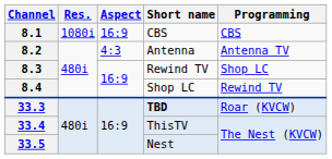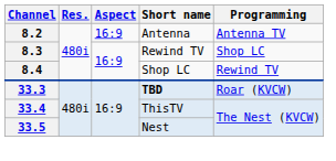 <table class="wikitable">
 <tr>
 <th scope = "col"><a href='#'>Channel</a></th>
 <th scope = "col"><a href='#'>Res.</a></th>
 <th scope = "col"><a href='#'>Aspect</a></th>
 <th scope = "col">Short name</th>
 <th scope = "col">Programming</th>
 </tr>
 <tr>
-<th scope = "row">8.1</th>
-<td><a href='#'>1080i</a></td>
-<td rowspan="1"><a href='#'>16:9</a></td>
-<td>CBS</td>
-<td><a href='#'>CBS</a></td>
-</tr>
-<tr>
 <th scope = "row">8.2</th>
 <td rowspan="3"><a href='#'>480i</a></td>
-<td><a href='#'>4:3</a></td>
+<td rowspan="1"><a href='#'>16:9</a></td>
 <td>Antenna</td>
 <td><a href='#'>Antenna TV</a></td>
 </tr>
 <tr>
 <th scope = "row">8.3</th>
 <td rowspan="2"><a href='#'>16:9</a></td>
 <td>Rewind TV</td>
 <td><a href='#'>Shop LC</a></td>
 </tr>
 <tr>
 <th scope = "row">8.4</th>
 <td>Shop LC</td>
 <td><a href='#'>Rewind TV</a></td>
 </tr>
 <tr style="background-color:#DFEBF6; border-top: 2px solid #003399;">
 <th scope="row"><a href='#'>33.3</a></th>
 <td rowspan = 3>480i</td>
 <td rowspan = 3>16:9</td>
 <td><strong>TBD</strong></td>
 <td><a href='#'>Roar</a> (<a href='#'>KVCW</a>)</td>
 </tr>
 <tr style="background-color:#DFEBF6;">
 <th scope="row"><a href='#'>33.4</a></th>
 <td>ThisTV</td>
 <td rowspan="2"><a href='#'>The Nest</a> (<a href='#'>KVCW</a>)</td>
 </tr>
 <tr style="background-color:#DFEBF6;">
 <th scope="row"><a href='#'>33.5</a></th>
 <td>Nest</td>
 </tr>
 </table>
